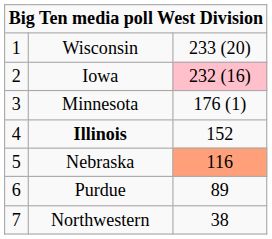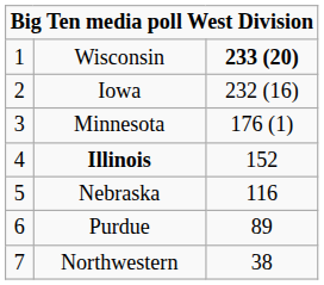 <table class="wikitable" style="display: inline-table;">
 <tr align="center">
 <td align="center" Colspan="3"><strong>Big Ten media poll West Division</strong><br></td>
 </tr>
 <tr align="center">
 <td>1</td>
 <td>Wisconsin</td>
-<td>233 (20)</td>
+<td><strong>233 (20)</strong></td>
 </tr>
 <tr align="center">
 <td>2</td>
 <td>Iowa</td>
-<td style="background: pink;">232 (16)</td>
+<td>232 (16)</td>
 </tr>
 <tr align="center">
 <td>3</td>
 <td>Minnesota</td>
 <td>176 (1)</td>
 </tr>
 <tr align="center">
 <td>4</td>
 <td><strong>Illinois</strong></td>
 <td>152</td>
 </tr>
 <tr align="center">
 <td>5</td>
 <td>Nebraska</td>
-<td style="background: lightsalmon;">116</td>
+<td>116</td>
 </tr>
 <tr align="center">
 <td>6</td>
 <td>Purdue</td>
 <td>89</td>
 </tr>
 <tr align="center">
 <td>7</td>
 <td>Northwestern</td>
 <td>38</td>
 </tr>
 </table>
